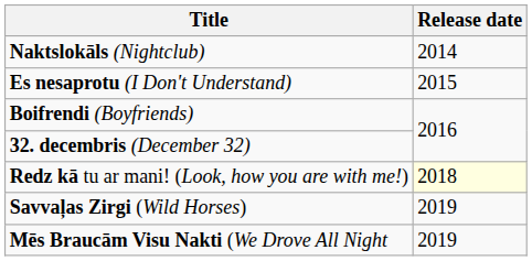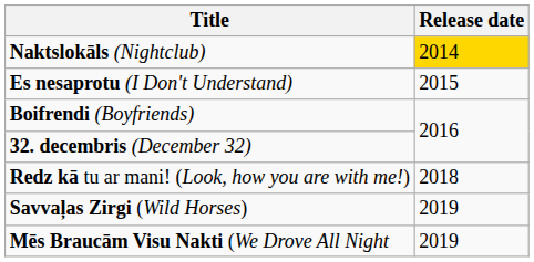 <table class="wikitable">
 <tr>
 <th>Title</th>
 <th>Release date</th>
 </tr>
 <tr>
 <td><strong>Naktslokāls</strong> <em>(Nightclub)</em></td>
-<td>2014</td>
+<td style="background: gold;">2014</td>
 </tr>
 <tr>
 <td><strong>Es nesaprotu</strong> <em>(I Don't Understand)</em></td>
 <td>2015</td>
 </tr>
 <tr>
 <td><strong>Boifrendi</strong> <em>(Boyfriends)</em></td>
 <td rowspan="2">2016</td>
 </tr>
 <tr>
 <td><strong>32. decembris</strong> <em>(December 32)</em></td>
 </tr>
 <tr>
 <td><strong>Redz kā</strong> tu ar mani! (<em>Look, how you are with me!</em>)</td>
-<td style="background: lightyellow;">2018</td>
+<td>2018</td>
 </tr>
 <tr>
 <td><strong>Savvaļas Zirgi</strong> (<em>Wild Horses</em>)</td>
 <td>2019</td>
 </tr>
 <tr>
 <td><strong> Mēs Braucām Visu Nakti</strong> (<em>We Drove All Night</em></td>
 <td>2019</td>
 </tr>
 </table>
